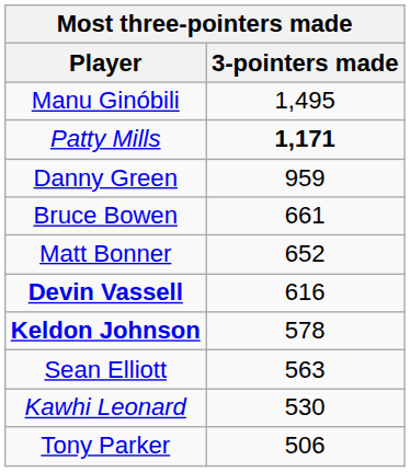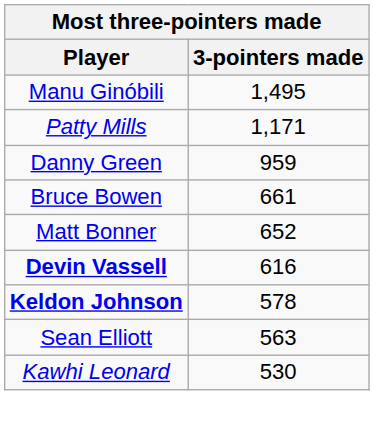 <table class="wikitable sortable" style="text-align:center">
 <tr>
 <th colspan="2">Most three-pointers made</th>
 </tr>
 <tr>
 <th>Player</th>
 <th>3-pointers made</th>
 </tr>
 <tr>
 <td><a href='#'>Manu Ginóbili</a></td>
 <td>1,495</td>
 </tr>
 <tr>
 <td><em><a href='#'>Patty Mills</a></em></td>
-<td><strong>1,171</strong></td>
+<td>1,171</td>
 </tr>
 <tr>
 <td><a href='#'>Danny Green</a></td>
 <td>959</td>
 </tr>
 <tr>
 <td><a href='#'>Bruce Bowen</a></td>
 <td>661</td>
 </tr>
 <tr>
 <td><a href='#'>Matt Bonner</a></td>
 <td>652</td>
 </tr>
 <tr>
 <td><strong><a href='#'>Devin Vassell</a></strong></td>
 <td>616</td>
 </tr>
 <tr>
 <td><strong><a href='#'>Keldon Johnson</a></strong></td>
 <td>578</td>
 </tr>
 <tr>
 <td><a href='#'>Sean Elliott</a></td>
 <td>563</td>
 </tr>
 <tr>
 <td><em><a href='#'>Kawhi Leonard</a></em></td>
 <td>530</td>
 </tr>
-<tr>
-<td><a href='#'>Tony Parker</a></td>
-<td>506</td>
-</tr>
 </table>
